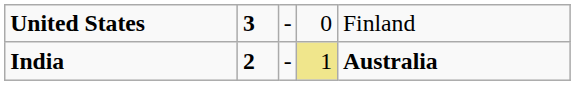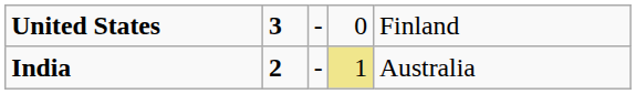 <table class="wikitable">
 <tr>
 <td width=150> <strong>United States</strong></td>
 <td style="width:20px; text-align:left;"><strong>3</strong></td>
 <td>-</td>
 <td style="width:20px; text-align:right;">0</td>
 <td width=150> Finland</td>
 </tr>
 <tr>
 <td> <strong>India</strong></td>
 <td style="text-align:left;"><strong>2</strong></td>
 <td>-</td>
 <td style="background: khaki; text-align:right;">1</td>
-<td><strong> Australia</strong></td>
+<td> Australia</td>
 </tr>
 </table>
